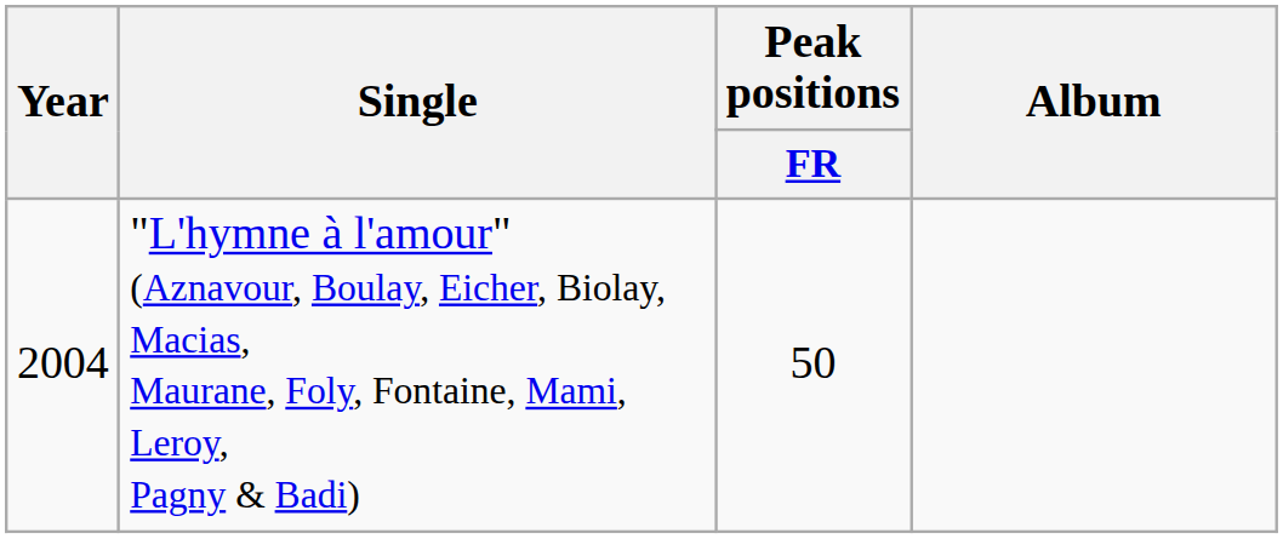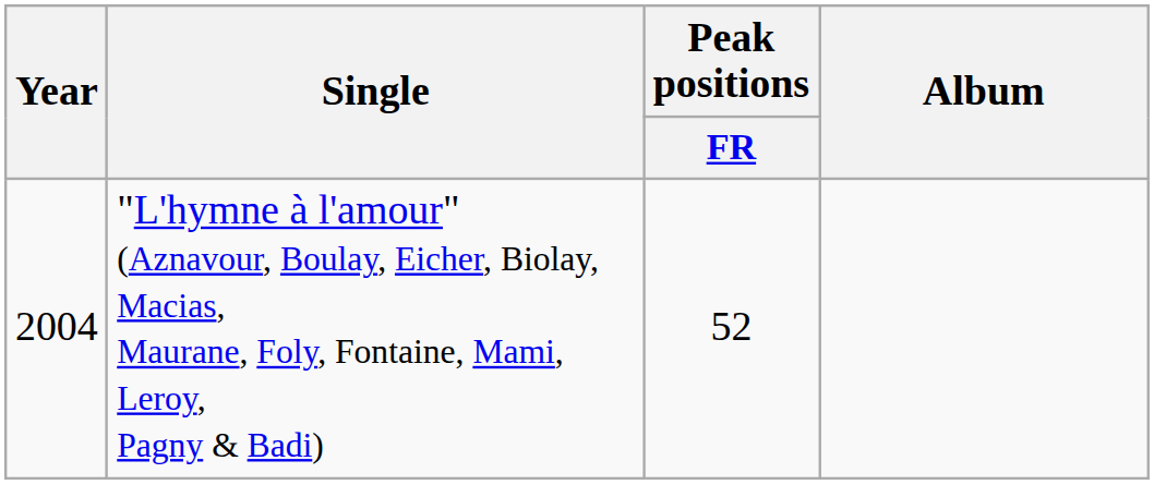 <table class="wikitable">
 <tr>
 <th align="center" rowspan="2" width="10">Year</th>
 <th align="center" rowspan="2" width="200">Single</th>
 <th align="center" colspan="1" width="20">Peak <br>positions</th>
 <th align="center" rowspan="2" width="120">Album</th>
 </tr>
 <tr>
 <th scope="col" style="width:3em;font-size:90%;"><a href='#'>FR</a><br></th>
 </tr>
 <tr>
 <td style="text-align:center;">2004</td>
 <td>"<a href='#'>L'hymne à l'amour</a>" <br><small>(<a href='#'>Aznavour</a>, <a href='#'>Boulay</a>, <a href='#'>Eicher</a>, Biolay, <a href='#'>Macias</a>,<br> <a href='#'>Maurane</a>, <a href='#'>Foly</a>, Fontaine, <a href='#'>Mami</a>, <a href='#'>Leroy</a>, <br><a href='#'>Pagny</a> & <a href='#'>Badi</a>)</small></td>
-<td style="text-align:center;">50</td>
+<td style="text-align:center;">52</td>
 <td style="text-align:center;"></td>
 </tr>
 </table>
